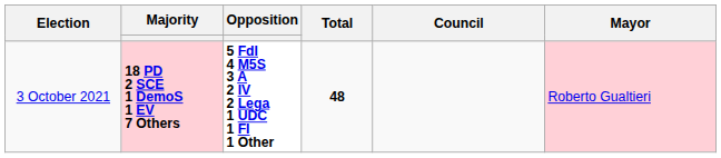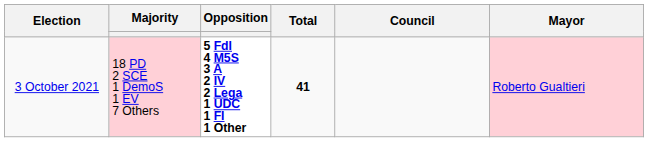 <table class="wikitable" style="text-align:center;font-size:85%;line-height:13px">
 <tr style="height:30px; background-color:#E9E9E9">
 <th style="width:110px;" rowspan="2">Election</th>
 <th style="width:95px;">Majority</th>
 <th style="width:65px;">Opposition</th>
 <th style="width:65px;" rowspan="2">Total</th>
 <th style="width:165px;" rowspan="2">Council</th>
 <th style="width:165px;" rowspan="2">Mayor</th>
 </tr>
 <tr>
 <th style="background:"></th>
 <th style="background:"></th>
 </tr>
 <tr>
 <td><a href='#'>3 October 2021</a></td>
-<td style="background:#FFD0D7; text-align:left;"><strong>18 <a href='#'>PD</a> <br> 2 <a href='#'>SCE</a> <br> 1 <a href='#'>DemoS</a> <br> 1 <a href='#'>EV</a> <br> 7 Others</strong></td>
+<td style="background:#FFD0D7; text-align:left;">18 <a href='#'>PD</a> <br> 2 <a href='#'>SCE</a> <br> 1 <a href='#'>DemoS</a> <br> 1 <a href='#'>EV</a> <br> 7 Others</td>
 <td style="background:white; text-align:left;"><strong>5 <a href='#'>FdI</a> <br> 4 <a href='#'>M5S</a><br>3 <a href='#'>A</a><br>2 <a href='#'>IV</a><br>2 <a href='#'>Lega</a><br>1 <a href='#'>UDC</a> <br>1 <a href='#'>FI</a><br>1 Other</strong></td>
-<td><strong>48</strong></td>
+<td><strong>41</strong></td>
 <td></td>
 <td rowspan="2" style="background:#FFD0D7; text-align:left;"> <a href='#'>Roberto Gualtieri</a></td>
 </tr>
 </table>
